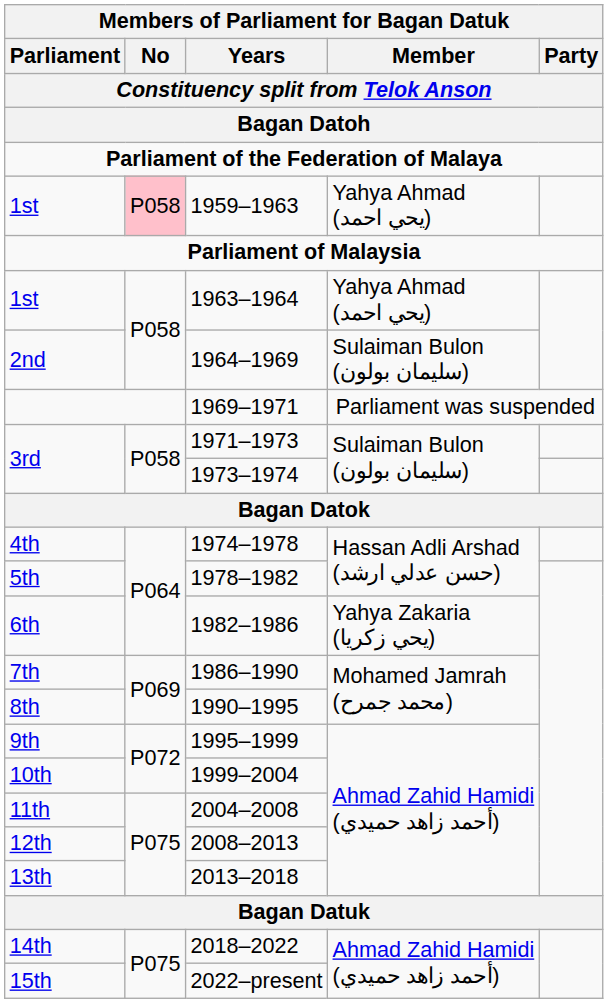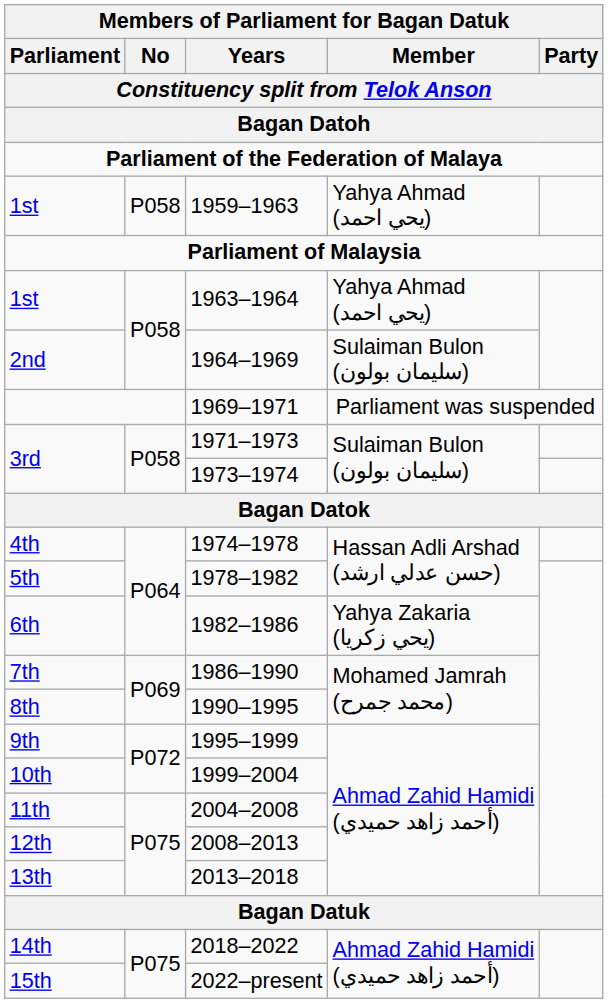 <table class=wikitable>
 <tr>
 <th colspan="5">Members of Parliament for Bagan Datuk</th>
 </tr>
 <tr>
 <th>Parliament</th>
 <th>No</th>
 <th>Years</th>
 <th>Member</th>
 <th>Party</th>
 </tr>
 <tr>
 <th colspan="5" align="center"><em>Constituency split from <a href='#'>Telok Anson</a></em></th>
 </tr>
 <tr>
 <th colspan="5" align="center">Bagan Datoh</th>
 </tr>
 <tr>
 <td colspan="5" align="center"><strong>Parliament of the Federation of Malaya</strong></td>
 </tr>
 <tr>
 <td><a href='#'>1st</a></td>
-<td style="background: pink;">P058</td>
+<td>P058</td>
 <td>1959–1963</td>
 <td>Yahya Ahmad <br> (يحي احمد)</td>
 <td></td>
 </tr>
 <tr>
 <td colspan="5" align="center"><strong>Parliament of Malaysia</strong></td>
 </tr>
 <tr>
 <td><a href='#'>1st</a></td>
 <td rowspan="2">P058</td>
 <td>1963–1964</td>
 <td>Yahya Ahmad <br> (يحي احمد)</td>
 <td rowspan=2></td>
 </tr>
 <tr>
 <td><a href='#'>2nd</a></td>
 <td>1964–1969</td>
 <td>Sulaiman Bulon  <br>(سليمان بولون)</td>
 </tr>
 <tr>
 <td colspan="2"></td>
 <td>1969–1971</td>
 <td colspan=2 align=center>Parliament was suspended</td>
 </tr>
 <tr>
 <td rowspan=2><a href='#'>3rd</a></td>
 <td rowspan="2">P058</td>
 <td>1971–1973</td>
 <td rowspan=2>Sulaiman Bulon <br> (سليمان بولون)</td>
 <td></td>
 </tr>
 <tr>
 <td>1973–1974</td>
 <td></td>
 </tr>
 <tr>
 <th colspan="5" align="center">Bagan Datok</th>
 </tr>
 <tr>
 <td><a href='#'>4th</a></td>
 <td rowspan="3">P064</td>
 <td>1974–1978</td>
 <td rowspan=2>Hassan Adli Arshad <br> (حسن عدلي ارشد)</td>
 <td></td>
 </tr>
 <tr>
 <td><a href='#'>5th</a></td>
 <td>1978–1982</td>
 <td rowspan="9"></td>
 </tr>
 <tr>
 <td><a href='#'>6th</a></td>
 <td>1982–1986</td>
 <td>Yahya Zakaria  <br>(يحي زكريا)</td>
 </tr>
 <tr>
 <td><a href='#'>7th</a></td>
 <td rowspan="2">P069</td>
 <td>1986–1990</td>
 <td rowspan=2>Mohamed Jamrah  <br>(محمد جمرح)</td>
 </tr>
 <tr>
 <td><a href='#'>8th</a></td>
 <td>1990–1995</td>
 </tr>
 <tr>
 <td><a href='#'>9th</a></td>
 <td rowspan="2">P072</td>
 <td>1995–1999</td>
 <td rowspan=5><a href='#'>Ahmad Zahid Hamidi</a>  <br>(أحمد زاهد حميدي)</td>
 </tr>
 <tr>
 <td><a href='#'>10th</a></td>
 <td>1999–2004</td>
 </tr>
 <tr>
 <td><a href='#'>11th</a></td>
 <td rowspan="3">P075</td>
 <td>2004–2008</td>
 </tr>
 <tr>
 <td><a href='#'>12th</a></td>
 <td>2008–2013</td>
 </tr>
 <tr>
 <td><a href='#'>13th</a></td>
 <td>2013–2018</td>
 </tr>
 <tr>
 <th colspan="5" align="center">Bagan Datuk</th>
 </tr>
 <tr>
 <td><a href='#'>14th</a></td>
 <td rowspan="2">P075</td>
 <td>2018–2022</td>
 <td rowspan="2"><a href='#'>Ahmad Zahid Hamidi</a> <br> (أحمد زاهد حميدي)</td>
 <td rowspan="2"></td>
 </tr>
 <tr>
 <td><a href='#'>15th</a></td>
 <td>2022–present</td>
 </tr>
 </table>
